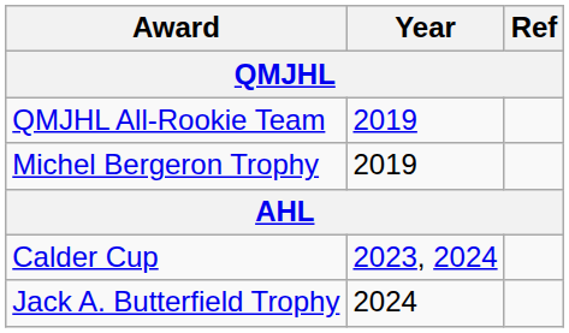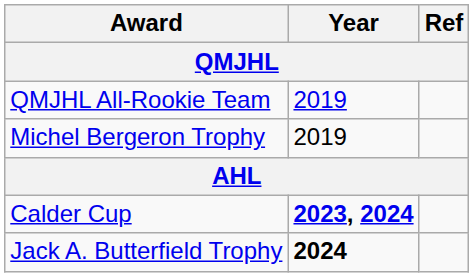 <table class="wikitable">
 <tr>
 <th>Award</th>
 <th>Year</th>
 <th>Ref</th>
 </tr>
 <tr>
 <th colspan="3"><a href='#'>QMJHL</a></th>
 </tr>
 <tr>
 <td><a href='#'>QMJHL All-Rookie Team</a></td>
 <td><a href='#'>2019</a></td>
 <td></td>
 </tr>
 <tr>
 <td><a href='#'>Michel Bergeron Trophy</a></td>
 <td>2019</td>
 <td></td>
 </tr>
 <tr>
 <th colspan="3"><a href='#'>AHL</a></th>
 </tr>
 <tr>
 <td><a href='#'>Calder Cup</a></td>
-<td><a href='#'>2023</a>, <a href='#'>2024</a></td>
+<td><strong><a href='#'>2023</a>, <a href='#'>2024</a></strong></td>
 <td></td>
 </tr>
 <tr>
 <td><a href='#'>Jack A. Butterfield Trophy</a></td>
-<td>2024</td>
+<td><strong>2024</strong></td>
 <td></td>
 </tr>
 </table>
